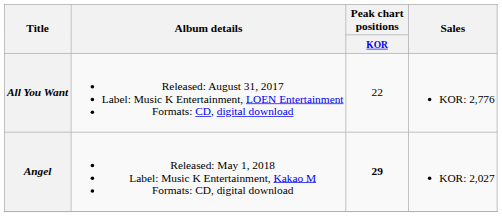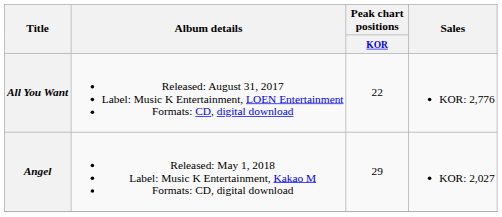 <table class="wikitable plainrowheaders" style="text-align:center;">
 <tr>
 <th scope="col" rowspan="2">Title</th>
 <th scope="col" rowspan="2">Album details</th>
 <th scope="col" colspan="1" style="width:5em;">Peak chart positions</th>
 <th scope="col" rowspan="2">Sales</th>
 </tr>
 <tr>
 <th><small><a href='#'>KOR</a></small><br></th>
 </tr>
 <tr>
 <th scope="row"><em>All You Want</em></th>
 <td><br><ul><li>Released: August 31, 2017</li><li>Label: Music K Entertainment, <a href='#'>LOEN Entertainment</a></li><li>Formats: <a href='#'>CD</a>, <a href='#'>digital download</a></li></ul></td>
 <td>22</td>
 <td><br><ul><li>KOR: 2,776</li></ul></td>
 </tr>
 <tr>
 <th scope="row"><em>Angel</em></th>
 <td><br><ul><li>Released: May 1, 2018</li><li>Label: Music K Entertainment, <a href='#'>Kakao M</a></li><li>Formats: CD, digital download</li></ul></td>
-<td><strong>29</strong></td>
+<td>29</td>
 <td><br><ul><li>KOR: 2,027</li></ul></td>
 </tr>
 <tr>
 </tr>
 </table>
